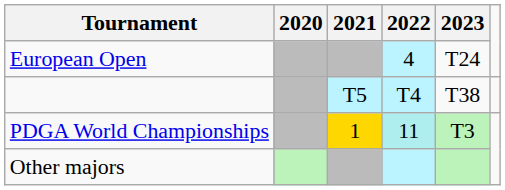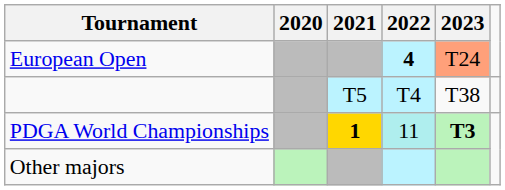 <table class="wikitable" style="font-size:95%;text-align:center;">
 <tr>
 <th>Tournament</th>
 <th>2020</th>
 <th>2021</th>
 <th>2022</th>
 <th>2023</th>
 </tr>
 <tr>
 <td align=left><a href='#'>European Open</a></td>
 <td style="background:#BBBBBB;"></td>
 <td style="background:#BBBBBB;"></td>
-<td style="background:#BBF3FF;">4</td>
-<td>T24</td>
+<td style="background:#BBF3FF;"><strong>4</strong></td>
+<td style="background: lightsalmon;">T24</td>
 </tr>
 <tr>
 <td align=left></td>
 <td style="background:#BBBBBB;"></td>
 <td style="background:#BBF3FF;">T5</td>
 <td style="background:#BBF3FF;">T4</td>
 <td>T38</td>
 <td></td>
 </tr>
 <tr>
 <td align=left><a href='#'>PDGA World Championships</a></td>
 <td style="background:#BBBBBB;"></td>
-<td style="background:gold;">1</td>
+<td style="background:gold;"><strong>1</strong></td>
 <td style="background: paleturquoise;">11</td>
-<td style="background:#BBF3BB;">T3</td>
+<td style="background:#BBF3BB;"><strong>T3</strong></td>
 </tr>
 <tr>
 <td align=left>Other majors</td>
 <td style="background:#BBF3BB;"></td>
 <td style="background:#BBBBBB;"></td>
 <td style="background:#BBF3FF;"></td>
 <td style="background:#BBF3BB;"></td>
 </tr>
 </table>
